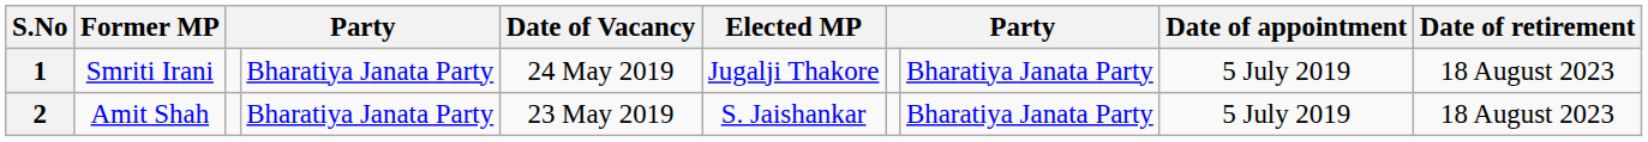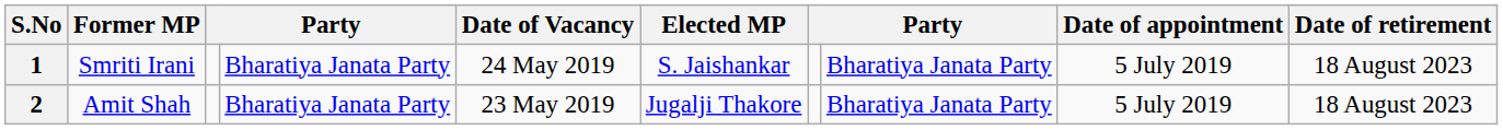 <table class="wikitable sortable">
 <tr>
 <th>S.No</th>
 <th>Former MP</th>
 <th colspan=2>Party</th>
 <th>Date of Vacancy</th>
 <th>Elected MP</th>
 <th colspan=2>Party</th>
 <th>Date of appointment</th>
 <th>Date of retirement</th>
 </tr>
 <tr style="text-align:center;">
 <th>1</th>
 <td><a href='#'>Smriti Irani</a></td>
 <td width="1"></td>
 <td><a href='#'>Bharatiya Janata Party</a></td>
 <td>24 May 2019</td>
-<td><a href='#'>Jugalji Thakore</a></td>
+<td><a href='#'>S. Jaishankar</a></td>
 <td width="1"></td>
 <td><a href='#'>Bharatiya Janata Party</a></td>
 <td>5 July 2019</td>
 <td>18 August 2023</td>
 </tr>
 <tr style="text-align:center;">
 <th>2</th>
 <td><a href='#'>Amit Shah</a></td>
 <td width="1"></td>
 <td><a href='#'>Bharatiya Janata Party</a></td>
 <td>23 May 2019</td>
-<td><a href='#'>S. Jaishankar</a></td>
+<td><a href='#'>Jugalji Thakore</a></td>
 <td width="1"></td>
 <td><a href='#'>Bharatiya Janata Party</a></td>
 <td>5 July 2019</td>
 <td>18 August 2023</td>
 </tr>
 </table>
